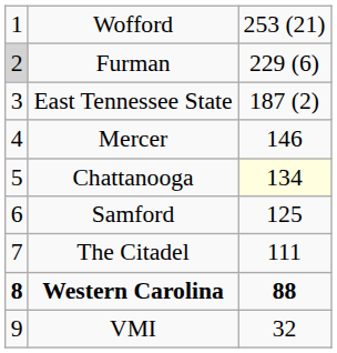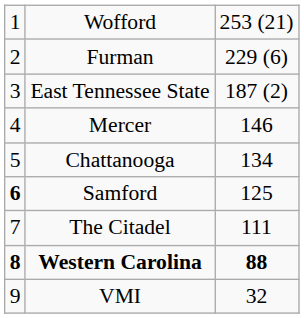 <table class="wikitable" style="display: inline-table;">
 <tr align="center">
 <td>1</td>
 <td>Wofford</td>
 <td>253 (21)</td>
 </tr>
 <tr align="center">
-<td style="background: lightgrey;">2</td>
+<td>2</td>
 <td>Furman</td>
 <td>229 (6)</td>
 </tr>
 <tr align="center">
 <td>3</td>
 <td>East Tennessee State</td>
 <td>187 (2)</td>
 </tr>
 <tr align="center">
 <td>4</td>
 <td>Mercer</td>
 <td>146</td>
 </tr>
 <tr align="center">
 <td>5</td>
 <td>Chattanooga</td>
-<td style="background: lightyellow;">134</td>
+<td>134</td>
 </tr>
 <tr align="center">
-<td>6</td>
+<td><strong>6</strong></td>
 <td>Samford</td>
 <td>125</td>
 </tr>
 <tr align="center">
 <td>7</td>
 <td>The Citadel</td>
 <td>111</td>
 </tr>
 <tr align="center">
 <td><strong>8</strong></td>
 <td><strong>Western Carolina</strong></td>
 <td><strong>88</strong></td>
 </tr>
 <tr align="center">
 <td>9</td>
 <td>VMI</td>
 <td>32</td>
 </tr>
 </table>
